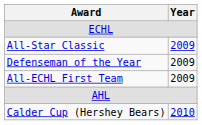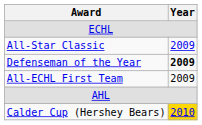 <table class="wikitable">
 <tr>
 <th>Award</th>
 <th>Year</th>
 </tr>
 <tr ALIGN="center" bgcolor="#e0e0e0">
 <td colspan="3"><a href='#'>ECHL</a></td>
 </tr>
 <tr>
 <td><a href='#'>All-Star Classic</a></td>
 <td><a href='#'>2009</a></td>
 </tr>
 <tr>
 <td><a href='#'>Defenseman of the Year</a></td>
-<td>2009</td>
+<td><strong>2009</strong></td>
 </tr>
 <tr>
 <td><a href='#'>All-ECHL First Team</a></td>
 <td>2009</td>
 </tr>
 <tr ALIGN="center" bgcolor="#e0e0e0">
 <td colspan="3"><a href='#'>AHL</a></td>
 </tr>
 <tr>
 <td><a href='#'>Calder Cup</a> (Hershey Bears)</td>
-<td><a href='#'>2010</a></td>
+<td style="background: gold;"><a href='#'>2010</a></td>
 </tr>
 </table>
